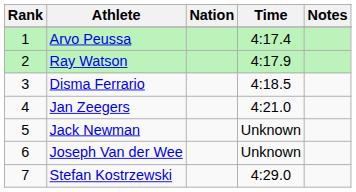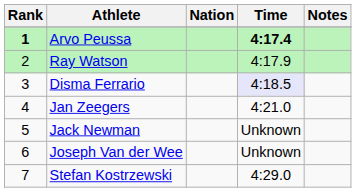 <table class="wikitable sortable" style="text-align:center">
 <tr>
 <th>Rank</th>
 <th>Athlete</th>
 <th>Nation</th>
 <th>Time</th>
 <th>Notes</th>
 </tr>
 <tr>
 </tr>
 <tr bgcolor=bbf3bb>
-<td>1</td>
+<td><strong>1</strong></td>
 <td align=left><a href='#'>Arvo Peussa</a></td>
 <td align=left></td>
-<td>4:17.4</td>
+<td><strong>4:17.4</strong></td>
 <td></td>
 </tr>
 <tr bgcolor=bbf3bb>
 <td>2</td>
 <td align=left><a href='#'>Ray Watson</a></td>
 <td align=left></td>
 <td>4:17.9</td>
 <td></td>
 </tr>
 <tr>
 <td>3</td>
 <td align=left><a href='#'>Disma Ferrario</a></td>
 <td align=left></td>
-<td>4:18.5</td>
+<td style="background: lavender;">4:18.5</td>
 <td></td>
 </tr>
 <tr>
 <td>4</td>
 <td align=left><a href='#'>Jan Zeegers</a></td>
 <td align=left></td>
 <td>4:21.0</td>
 <td></td>
 </tr>
 <tr>
 <td>5</td>
 <td align=left><a href='#'>Jack Newman</a></td>
 <td align=left></td>
 <td data-sort-value=4:22.0>Unknown</td>
 <td></td>
 </tr>
 <tr>
 <td>6</td>
 <td align=left><a href='#'>Joseph Van der Wee</a></td>
 <td align=left></td>
 <td data-sort-value=4:23.0>Unknown</td>
 <td></td>
 </tr>
 <tr>
 <td>7</td>
 <td align=left><a href='#'>Stefan Kostrzewski</a></td>
 <td align=left></td>
 <td>4:29.0</td>
 <td></td>
 </tr>
 </table>
